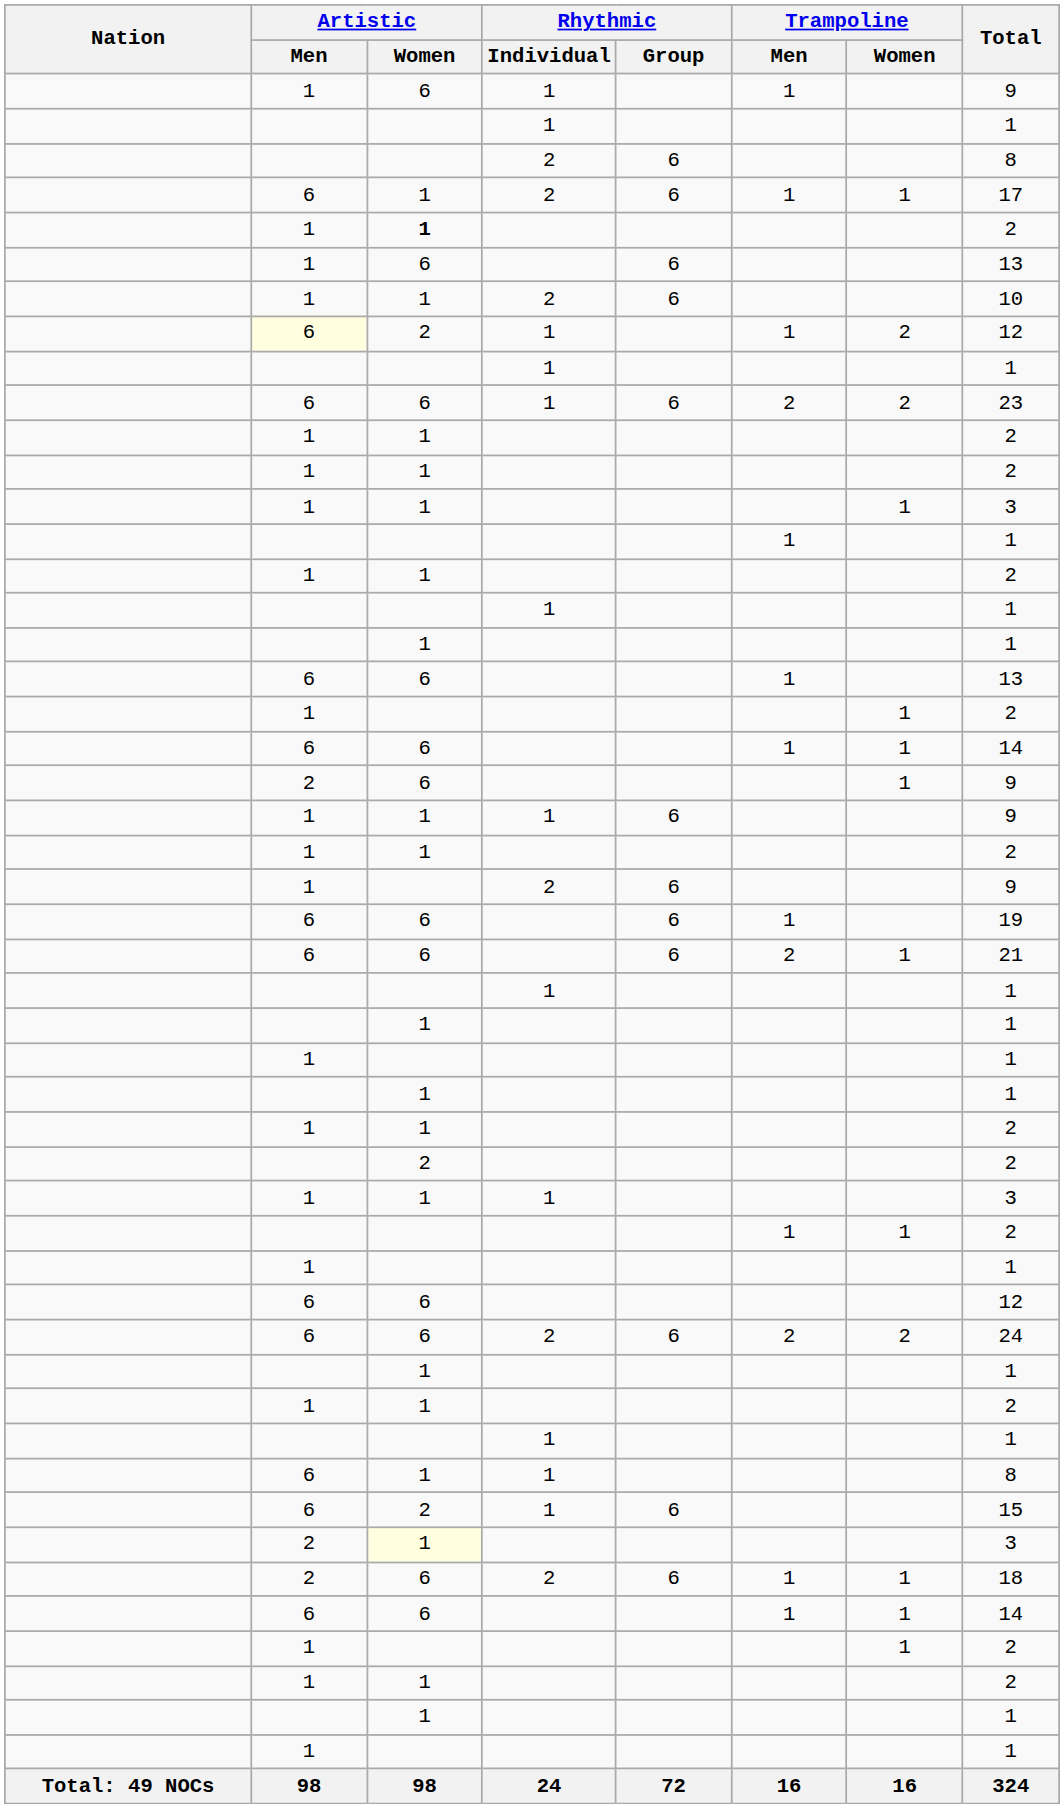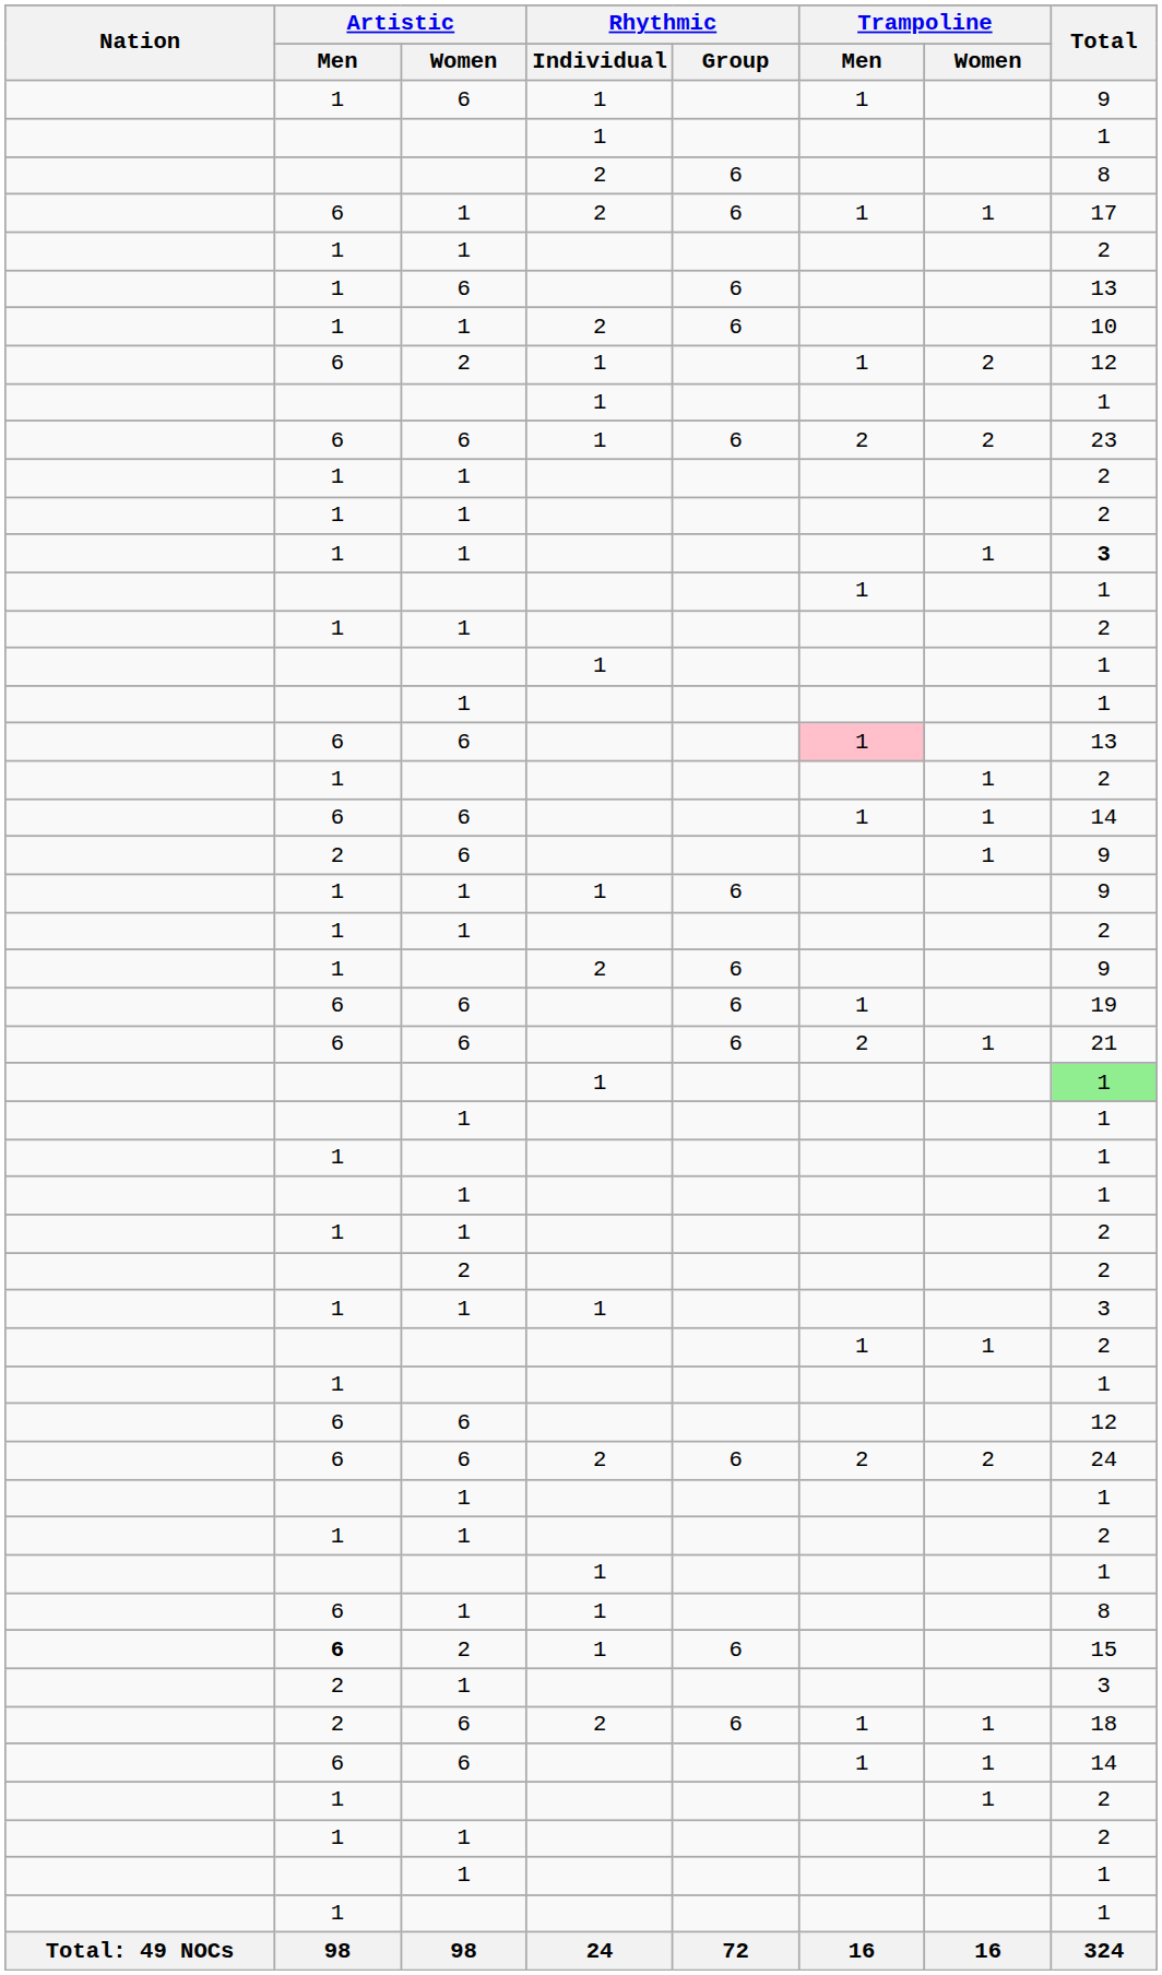 <table class="wikitable" width=600 style="text-align:center; font-size:90%">
 <tr>
 <th rowspan="2" align="left">Nation</th>
 <th colspan="2"><a href='#'>Artistic</a></th>
 <th colspan="2"><a href='#'>Rhythmic</a></th>
 <th colspan=2><a href='#'>Trampoline</a></th>
 <th rowspan="2">Total</th>
 </tr>
 <tr>
 <th width=60>Men</th>
 <th width=60>Women</th>
 <th width=60>Individual</th>
 <th width=60>Group</th>
 <th width=60>Men</th>
 <th width=60>Women</th>
 </tr>
 <tr>
 <td align=left></td>
 <td>1</td>
 <td>6</td>
 <td>1</td>
 <td></td>
 <td>1</td>
 <td></td>
 <td>9</td>
 </tr>
 <tr>
 <td align=left></td>
 <td></td>
 <td></td>
 <td>1</td>
 <td></td>
 <td></td>
 <td></td>
 <td>1</td>
 </tr>
 <tr>
 <td align=left></td>
 <td></td>
 <td></td>
 <td>2</td>
 <td>6</td>
 <td></td>
 <td></td>
 <td>8</td>
 </tr>
 <tr>
 <td align=left></td>
 <td>6</td>
 <td>1</td>
 <td>2</td>
 <td>6</td>
 <td>1</td>
 <td>1</td>
 <td>17</td>
 </tr>
 <tr>
 <td align=left></td>
 <td>1</td>
-<td><strong>1</strong></td>
+<td>1</td>
 <td></td>
 <td></td>
 <td></td>
 <td></td>
 <td>2</td>
 </tr>
 <tr>
 <td align=left></td>
 <td>1</td>
 <td>6</td>
 <td></td>
 <td>6</td>
 <td></td>
 <td></td>
 <td>13</td>
 </tr>
 <tr>
 <td align=left></td>
 <td>1</td>
 <td>1</td>
 <td>2</td>
 <td>6</td>
 <td></td>
 <td></td>
 <td>10</td>
 </tr>
 <tr>
 <td align=left></td>
-<td style="background: lightyellow;">6</td>
+<td>6</td>
 <td>2</td>
 <td>1</td>
 <td></td>
 <td>1</td>
 <td>2</td>
 <td>12</td>
 </tr>
 <tr>
 <td align=left></td>
 <td></td>
 <td></td>
 <td>1</td>
 <td></td>
 <td></td>
 <td></td>
 <td>1</td>
 </tr>
 <tr>
 <td align=left></td>
 <td>6</td>
 <td>6</td>
 <td>1</td>
 <td>6</td>
 <td>2</td>
 <td>2</td>
 <td>23</td>
 </tr>
 <tr>
 <td align=left></td>
 <td>1</td>
 <td>1</td>
 <td></td>
 <td></td>
 <td></td>
 <td></td>
 <td>2</td>
 </tr>
 <tr>
 <td align=left></td>
 <td>1</td>
 <td>1</td>
 <td></td>
 <td></td>
 <td></td>
 <td></td>
 <td>2</td>
 </tr>
 <tr>
 <td align=left></td>
 <td>1</td>
 <td>1</td>
 <td></td>
 <td></td>
 <td></td>
 <td>1</td>
-<td>3</td>
+<td><strong>3</strong></td>
 </tr>
 <tr>
 <td align=left></td>
 <td></td>
 <td></td>
 <td></td>
 <td></td>
 <td>1</td>
 <td></td>
 <td>1</td>
 </tr>
 <tr>
 <td align=left></td>
 <td>1</td>
 <td>1</td>
 <td></td>
 <td></td>
 <td></td>
 <td></td>
 <td>2</td>
 </tr>
 <tr>
 <td align=left></td>
 <td></td>
 <td></td>
 <td>1</td>
 <td></td>
 <td></td>
 <td></td>
 <td>1</td>
 </tr>
 <tr>
 <td align=left></td>
 <td></td>
 <td>1</td>
 <td></td>
 <td></td>
 <td></td>
 <td></td>
 <td>1</td>
 </tr>
 <tr>
 <td align=left></td>
 <td>6</td>
 <td>6</td>
 <td></td>
 <td></td>
-<td>1</td>
+<td style="background: pink;">1</td>
 <td></td>
 <td>13</td>
 </tr>
 <tr>
 <td align=left></td>
 <td>1</td>
 <td></td>
 <td></td>
 <td></td>
 <td></td>
 <td>1</td>
 <td>2</td>
 </tr>
 <tr>
 <td align=left></td>
 <td>6</td>
 <td>6</td>
 <td></td>
 <td></td>
 <td>1</td>
 <td>1</td>
 <td>14</td>
 </tr>
 <tr>
 <td align=left></td>
 <td>2</td>
 <td>6</td>
 <td></td>
 <td></td>
 <td></td>
 <td>1</td>
 <td>9</td>
 </tr>
 <tr>
 <td align=left></td>
 <td>1</td>
 <td>1</td>
 <td>1</td>
 <td>6</td>
 <td></td>
 <td></td>
 <td>9</td>
 </tr>
 <tr>
 <td align=left></td>
 <td>1</td>
 <td>1</td>
 <td></td>
 <td></td>
 <td></td>
 <td></td>
 <td>2</td>
 </tr>
 <tr>
 <td align=left></td>
 <td>1</td>
 <td></td>
 <td>2</td>
 <td>6</td>
 <td></td>
 <td></td>
 <td>9</td>
 </tr>
 <tr>
 <td align=left></td>
 <td>6</td>
 <td>6</td>
 <td></td>
 <td>6</td>
 <td>1</td>
 <td></td>
 <td>19</td>
 </tr>
 <tr>
 <td align=left></td>
 <td>6</td>
 <td>6</td>
 <td></td>
 <td>6</td>
 <td>2</td>
 <td>1</td>
 <td>21</td>
 </tr>
 <tr>
 <td align=left></td>
 <td></td>
 <td></td>
 <td>1</td>
 <td></td>
 <td></td>
 <td></td>
-<td>1</td>
+<td style="background: lightgreen;">1</td>
 </tr>
 <tr>
 <td align=left></td>
 <td></td>
 <td>1</td>
 <td></td>
 <td></td>
 <td></td>
 <td></td>
 <td>1</td>
 </tr>
 <tr>
 <td align=left></td>
 <td>1</td>
 <td></td>
 <td></td>
 <td></td>
 <td></td>
 <td></td>
 <td>1</td>
 </tr>
 <tr>
 <td align=left></td>
 <td></td>
 <td>1</td>
 <td></td>
 <td></td>
 <td></td>
 <td></td>
 <td>1</td>
 </tr>
 <tr>
 <td align=left></td>
 <td>1</td>
 <td>1</td>
 <td></td>
 <td></td>
 <td></td>
 <td></td>
 <td>2</td>
 </tr>
 <tr>
 <td align=left></td>
 <td></td>
 <td>2</td>
 <td></td>
 <td></td>
 <td></td>
 <td></td>
 <td>2</td>
 </tr>
 <tr>
 <td align=left></td>
 <td>1</td>
 <td>1</td>
 <td>1</td>
 <td></td>
 <td></td>
 <td></td>
 <td>3</td>
 </tr>
 <tr>
 <td align=left></td>
 <td></td>
 <td></td>
 <td></td>
 <td></td>
 <td>1</td>
 <td>1</td>
 <td>2</td>
 </tr>
 <tr>
 <td align=left></td>
 <td>1</td>
 <td></td>
 <td></td>
 <td></td>
 <td></td>
 <td></td>
 <td>1</td>
 </tr>
 <tr>
 <td align=left></td>
 <td>6</td>
 <td>6</td>
 <td></td>
 <td></td>
 <td></td>
 <td></td>
 <td>12</td>
 </tr>
 <tr>
 <td align=left></td>
 <td>6</td>
 <td>6</td>
 <td>2</td>
 <td>6</td>
 <td>2</td>
 <td>2</td>
 <td>24</td>
 </tr>
 <tr>
 <td align=left></td>
 <td></td>
 <td>1</td>
 <td></td>
 <td></td>
 <td></td>
 <td></td>
 <td>1</td>
 </tr>
 <tr>
 <td align=left></td>
 <td>1</td>
 <td>1</td>
 <td></td>
 <td></td>
 <td></td>
 <td></td>
 <td>2</td>
 </tr>
 <tr>
 <td align=left></td>
 <td></td>
 <td></td>
 <td>1</td>
 <td></td>
 <td></td>
 <td></td>
 <td>1</td>
 </tr>
 <tr>
 <td align=left></td>
 <td>6</td>
 <td>1</td>
 <td>1</td>
 <td></td>
 <td></td>
 <td></td>
 <td>8</td>
 </tr>
 <tr>
 <td align=left></td>
-<td>6</td>
+<td><strong>6</strong></td>
 <td>2</td>
 <td>1</td>
 <td>6</td>
 <td></td>
 <td></td>
 <td>15</td>
 </tr>
 <tr>
 <td align=left></td>
 <td>2</td>
-<td style="background: lightyellow;">1</td>
+<td>1</td>
 <td></td>
 <td></td>
 <td></td>
 <td></td>
 <td>3</td>
 </tr>
 <tr>
 <td align=left></td>
 <td>2</td>
 <td>6</td>
 <td>2</td>
 <td>6</td>
 <td>1</td>
 <td>1</td>
 <td>18</td>
 </tr>
 <tr>
 <td align=left></td>
 <td>6</td>
 <td>6</td>
 <td></td>
 <td></td>
 <td>1</td>
 <td>1</td>
 <td>14</td>
 </tr>
 <tr>
 <td align=left></td>
 <td>1</td>
 <td></td>
 <td></td>
 <td></td>
 <td></td>
 <td>1</td>
 <td>2</td>
 </tr>
 <tr>
 <td align=left></td>
 <td>1</td>
 <td>1</td>
 <td></td>
 <td></td>
 <td></td>
 <td></td>
 <td>2</td>
 </tr>
 <tr>
 <td align=left></td>
 <td></td>
 <td>1</td>
 <td></td>
 <td></td>
 <td></td>
 <td></td>
 <td>1</td>
 </tr>
 <tr>
 <td align=left></td>
 <td>1</td>
 <td></td>
 <td></td>
 <td></td>
 <td></td>
 <td></td>
 <td>1</td>
 </tr>
 <tr>
 <th>Total: 49 NOCs</th>
 <th>98</th>
 <th>98</th>
 <th>24</th>
 <th>72</th>
 <th>16</th>
 <th>16</th>
 <th>324</th>
 </tr>
 </table>
